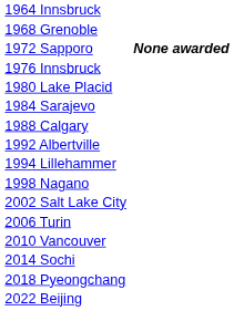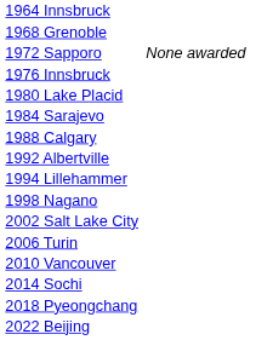 <table>
 <tr valign="top">
 <td><a href='#'>1964 Innsbruck</a><br></td>
 <td></td>
 <td></td>
 <td></td>
 </tr>
 <tr valign="top">
 <td><a href='#'>1968 Grenoble</a><br></td>
 <td></td>
 <td></td>
 <td></td>
 </tr>
 <tr valign="top">
 <td><a href='#'>1972 Sapporo</a><br></td>
 <td><br></td>
-<td align=center><strong><em>None awarded</em></strong></td>
+<td align=center><em>None awarded</em></td>
 <td></td>
 </tr>
 <tr valign="top">
 <td><a href='#'>1976 Innsbruck</a><br></td>
 <td></td>
 <td></td>
 <td></td>
 </tr>
 <tr valign="top">
 <td><a href='#'>1980 Lake Placid</a><br></td>
 <td></td>
 <td></td>
 <td></td>
 </tr>
 <tr valign="top">
 <td><a href='#'>1984 Sarajevo</a><br></td>
 <td></td>
 <td></td>
 <td></td>
 </tr>
 <tr valign="top">
 <td><a href='#'>1988 Calgary</a><br></td>
 <td></td>
 <td></td>
 <td></td>
 </tr>
 <tr valign="top">
 <td><a href='#'>1992 Albertville</a><br></td>
 <td></td>
 <td></td>
 <td></td>
 </tr>
 <tr valign="top">
 <td><a href='#'>1994 Lillehammer</a><br></td>
 <td></td>
 <td></td>
 <td></td>
 </tr>
 <tr valign="top">
 <td><a href='#'>1998 Nagano</a><br></td>
 <td></td>
 <td></td>
 <td></td>
 </tr>
 <tr valign="top">
 <td><a href='#'>2002 Salt Lake City</a><br></td>
 <td></td>
 <td></td>
 <td></td>
 </tr>
 <tr valign="top">
 <td><a href='#'>2006 Turin</a><br></td>
 <td></td>
 <td></td>
 <td></td>
 </tr>
 <tr valign="top">
 <td><a href='#'>2010 Vancouver</a><br></td>
 <td></td>
 <td></td>
 <td></td>
 </tr>
 <tr valign="top">
 <td><a href='#'>2014 Sochi</a><br></td>
 <td></td>
 <td></td>
 <td></td>
 </tr>
 <tr valign="top">
 <td><a href='#'>2018 Pyeongchang</a><br></td>
 <td></td>
 <td></td>
 <td></td>
 </tr>
 <tr valign="top">
 <td><a href='#'>2022 Beijing</a> <br></td>
 <td></td>
 <td></td>
 <td></td>
 </tr>
 <tr>
 </tr>
 </table>
